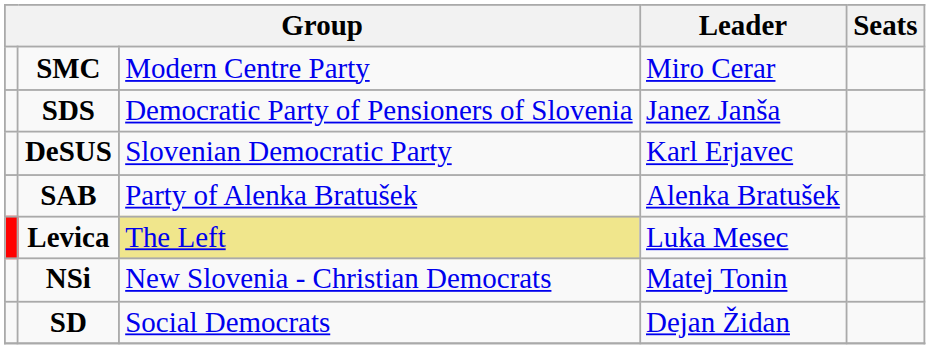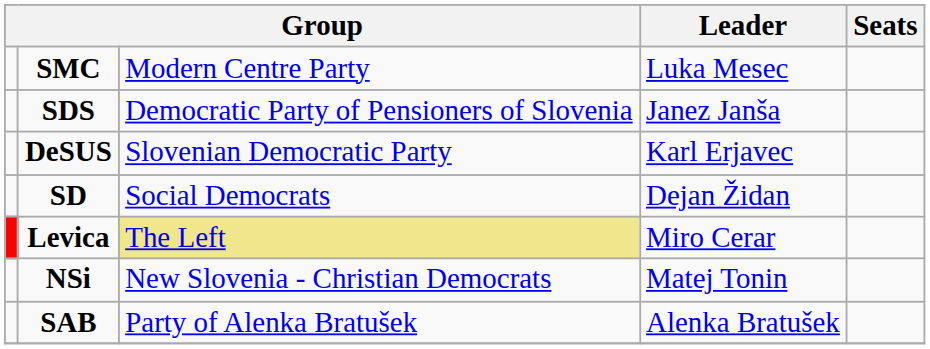 <table class="wikitable" style="line-height:16px;">
 <tr>
 <th colspan="3">Group</th>
 <th>Leader</th>
 <th>Seats</th>
 </tr>
 <tr>
 <td style="background:"></td>
 <td style="text-align:center;"><strong>SMC</strong></td>
 <td><a href='#'>Modern Centre Party</a><br></td>
-<td><a href='#'>Miro Cerar</a><br></td>
+<td><a href='#'>Luka Mesec</a><br></td>
 <td></td>
 </tr>
 <tr>
 <td style="background:"></td>
 <td style="text-align:center;"><strong>SDS</strong></td>
 <td><a href='#'>Democratic Party of Pensioners of Slovenia</a><br></td>
 <td><a href='#'>Janez Janša</a><br></td>
 <td></td>
 </tr>
 <tr>
 <td style="background:"></td>
 <td style="text-align:center;"><strong>DeSUS</strong></td>
 <td><a href='#'>Slovenian Democratic Party</a><br></td>
 <td><a href='#'>Karl Erjavec</a><br></td>
 <td></td>
 </tr>
 <tr>
 <td style="background:"></td>
-<td style="text-align:center;"><strong>SAB</strong></td>
-<td><a href='#'>Party of Alenka Bratušek</a><br></td>
-<td><a href='#'>Alenka Bratušek</a><br></td>
+<td style="text-align:center;"><strong>SD</strong></td>
+<td><a href='#'>Social Democrats</a><br></td>
+<td><a href='#'>Dejan Židan</a><br></td>
 <td></td>
 </tr>
 <tr>
 <td style="background:red"></td>
 <td style="text-align:center;"><strong>Levica</strong></td>
 <td style="background: khaki;"><a href='#'>The Left</a><br></td>
-<td><a href='#'>Luka Mesec</a><br></td>
+<td><a href='#'>Miro Cerar</a><br></td>
 <td></td>
 </tr>
 <tr>
 <td style="background:"></td>
 <td style="text-align:center;"><strong>NSi</strong></td>
 <td><a href='#'>New Slovenia - Christian Democrats</a><br></td>
 <td><a href='#'>Matej Tonin</a><br></td>
 <td></td>
 </tr>
 <tr>
 <td style="background:"></td>
-<td style="text-align:center;"><strong>SD</strong></td>
-<td><a href='#'>Social Democrats</a><br></td>
-<td><a href='#'>Dejan Židan</a><br></td>
+<td style="text-align:center;"><strong>SAB</strong></td>
+<td><a href='#'>Party of Alenka Bratušek</a><br></td>
+<td><a href='#'>Alenka Bratušek</a><br></td>
 <td></td>
 </tr>
 <tr>
 </tr>
 </table>
